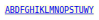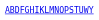 <table id="toc" class="toc" summary="Class">
 <tr>
 <th></th>
 </tr>
 <tr>
-<td style="background: lightyellow; text-align:center;"><a href='#'>A</a><a href='#'>B</a><a href='#'>D</a><a href='#'>F</a><a href='#'>G</a><a href='#'>H</a><a href='#'>I</a><a href='#'>K</a><a href='#'>L</a><a href='#'>M</a><a href='#'>N</a><a href='#'>O</a><a href='#'>P</a><a href='#'>S</a><a href='#'>T</a><a href='#'>U</a><a href='#'>W</a><a href='#'>Y</a></td>
+<td style="text-align:center;"><a href='#'>A</a><a href='#'>B</a><a href='#'>D</a><a href='#'>F</a><a href='#'>G</a><a href='#'>H</a><a href='#'>I</a><a href='#'>K</a><a href='#'>L</a><a href='#'>M</a><a href='#'>N</a><a href='#'>O</a><a href='#'>P</a><a href='#'>S</a><a href='#'>T</a><a href='#'>U</a><a href='#'>W</a><a href='#'>Y</a></td>
 </tr>
 </table>
